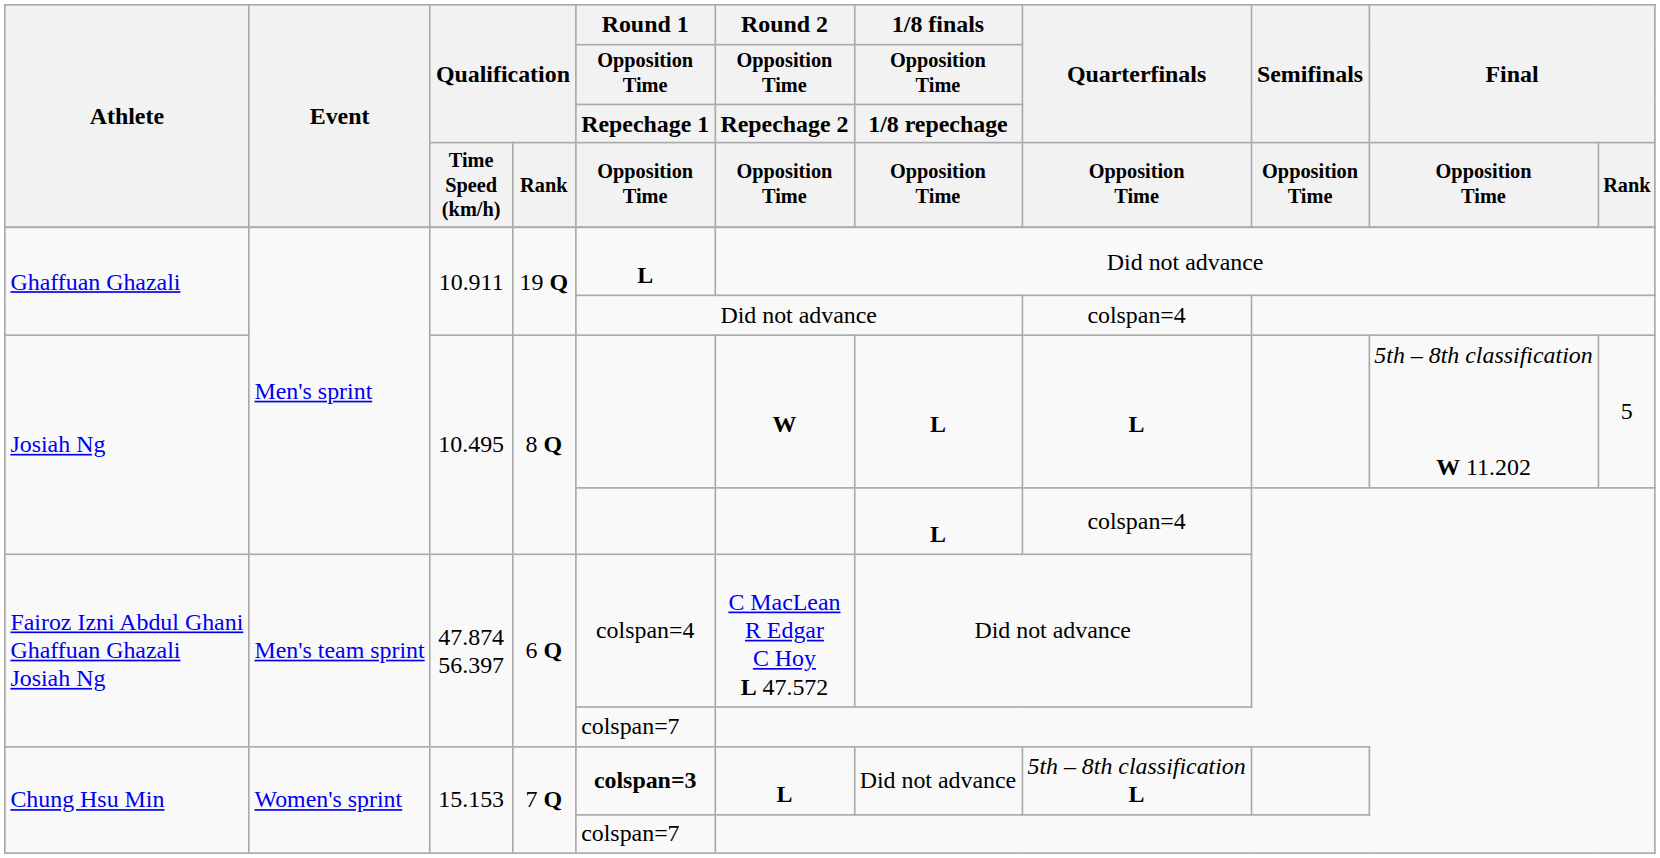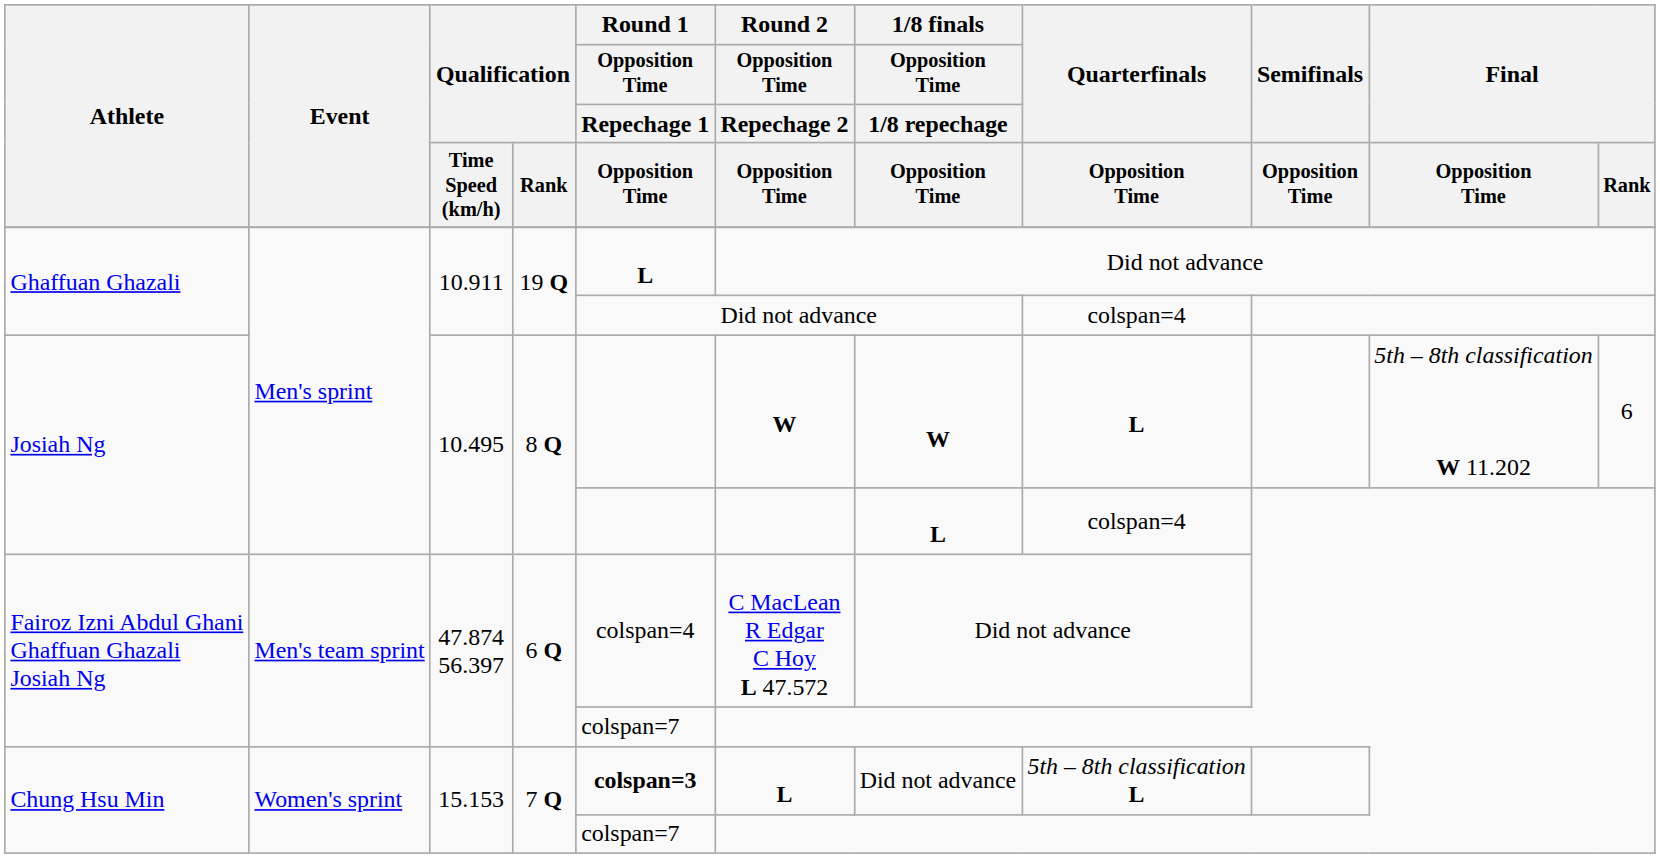 <table class="wikitable" style="font-size:90%;">
 <tr>
 <th rowspan=4>Athlete</th>
 <th rowspan=4>Event</th>
 <th rowspan=3 colspan=2>Qualification</th>
 <th>Round 1</th>
 <th>Round 2</th>
 <th>1/8 finals</th>
 <th rowspan=3>Quarterfinals</th>
 <th rowspan=3>Semifinals</th>
 <th rowspan=3 colspan=2>Final</th>
 </tr>
 <tr style="font-size:85%">
 <th>Opposition<br>Time</th>
 <th>Opposition<br>Time</th>
 <th>Opposition<br>Time</th>
 </tr>
 <tr>
 <th>Repechage 1</th>
 <th>Repechage 2</th>
 <th>1/8 repechage</th>
 </tr>
 <tr style="font-size:85%">
 <th>Time<br>Speed<br>(km/h)</th>
 <th>Rank</th>
 <th>Opposition<br>Time</th>
 <th>Opposition<br>Time</th>
 <th>Opposition<br>Time</th>
 <th>Opposition<br>Time</th>
 <th>Opposition<br>Time</th>
 <th>Opposition<br>Time</th>
 <th>Rank</th>
 </tr>
 <tr>
 </tr>
 <tr align=center>
 <td align=left rowspan=2><a href='#'>Ghaffuan Ghazali</a></td>
 <td align=left rowspan=4><a href='#'>Men's sprint</a></td>
 <td rowspan=2>10.911</td>
 <td rowspan=2>19 <strong>Q</strong></td>
 <td><br><strong>L</strong></td>
 <td colspan=6>Did not advance</td>
 </tr>
 <tr align=center>
 <td colspan=3>Did not advance</td>
 <td>colspan=4 </td>
 </tr>
 <tr align=center>
 <td align=left rowspan=2><a href='#'>Josiah Ng</a></td>
 <td rowspan=2>10.495</td>
 <td rowspan=2>8 <strong>Q</strong></td>
 <td></td>
 <td><br><strong>W</strong></td>
-<td><br><strong>L</strong></td>
+<td><br><br><strong>W</strong></td>
 <td><br><strong>L</strong></td>
 <td></td>
 <td><em>5th – 8th classification</em><br><br><br><br><strong>W</strong> 11.202</td>
-<td>5</td>
+<td>6</td>
 </tr>
 <tr align=center>
 <td></td>
 <td></td>
 <td><br><strong>L</strong></td>
 <td>colspan=4 </td>
 </tr>
 <tr align=center>
 <td align=left rowspan=2><a href='#'>Fairoz Izni Abdul Ghani</a><br><a href='#'>Ghaffuan Ghazali</a><br><a href='#'>Josiah Ng</a></td>
 <td align=left rowspan=2><a href='#'>Men's team sprint</a></td>
 <td rowspan=2>47.874<br>56.397</td>
 <td rowspan=2>6 <strong>Q</strong></td>
 <td>colspan=4 </td>
 <td><br><a href='#'>C MacLean</a><br><a href='#'>R Edgar</a><br><a href='#'>C Hoy</a><br><strong>L</strong> 47.572</td>
 <td colspan=2>Did not advance</td>
 </tr>
 <tr>
 <td>colspan=7 </td>
 </tr>
 <tr align=center>
 <td align=left rowspan=2><a href='#'>Chung Hsu Min</a></td>
 <td align=left rowspan=2><a href='#'>Women's sprint</a></td>
 <td rowspan=2>15.153</td>
 <td rowspan=2>7 <strong>Q</strong></td>
 <td><strong>colspan=3 </strong></td>
 <td><br><strong>L</strong></td>
 <td>Did not advance</td>
 <td><em>5th – 8th classification</em><br><strong>L</strong></td>
 <td></td>
 </tr>
 <tr>
 <td>colspan=7 </td>
 </tr>
 </table>
